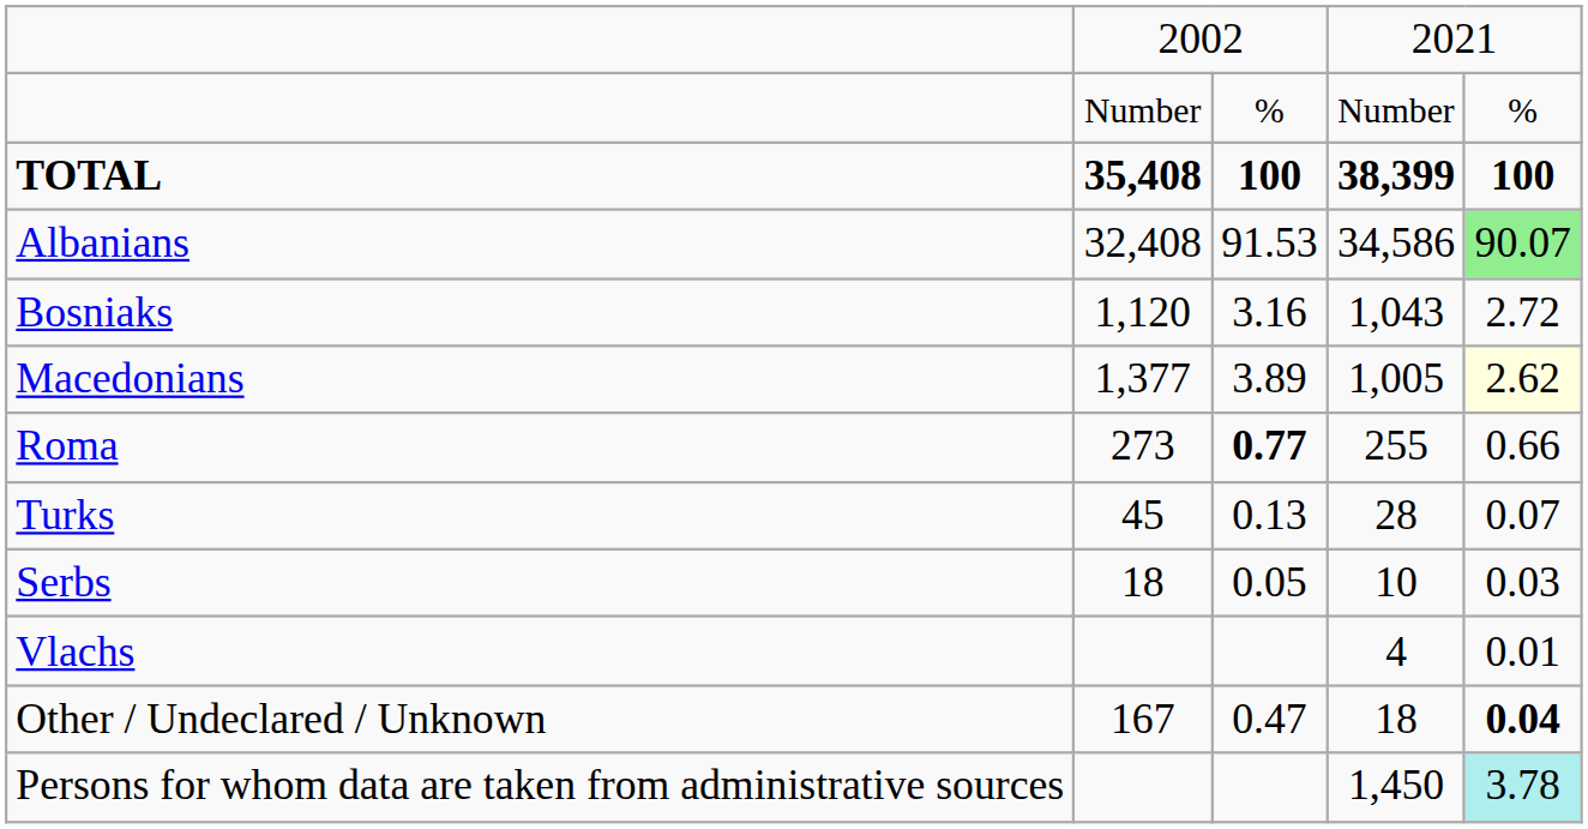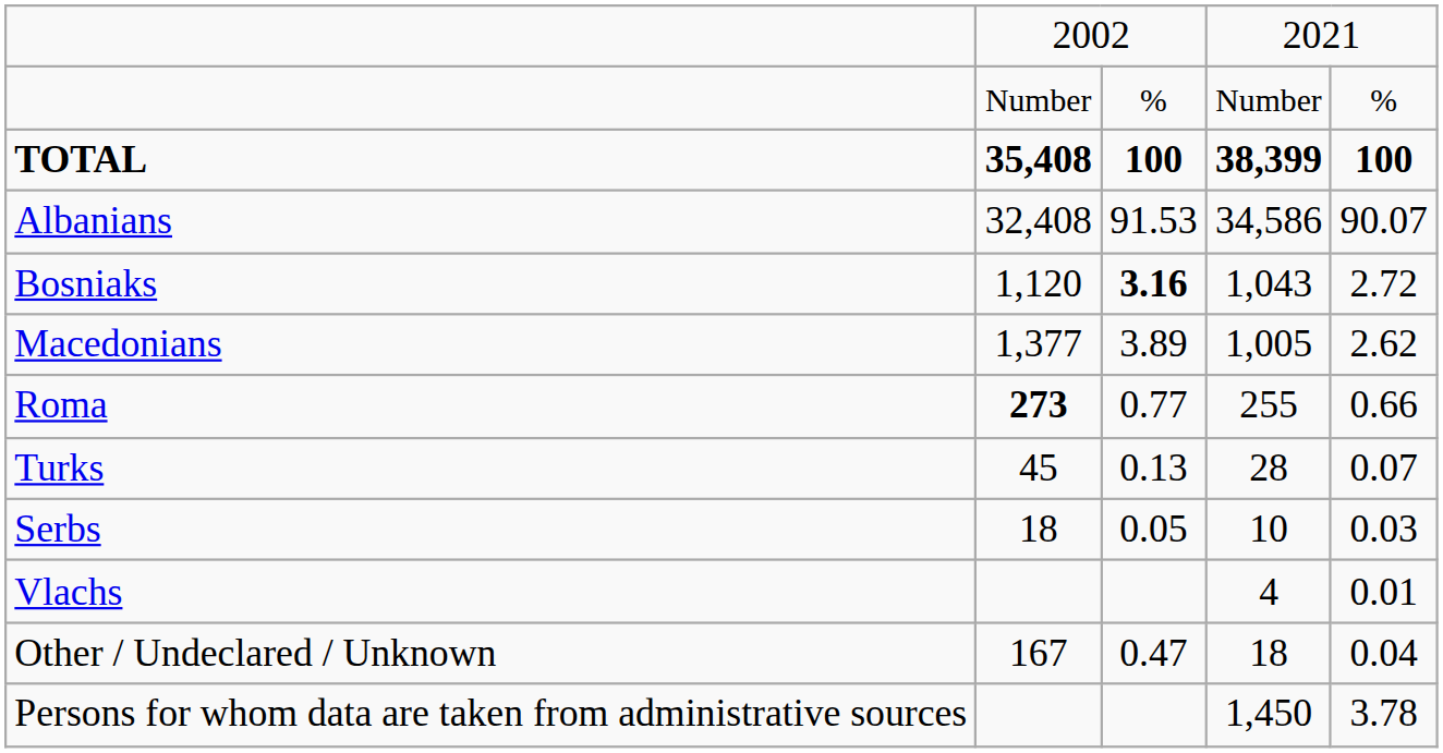 <table class="wikitable">
 <tr>
 <td></td>
 <td colspan="2" align="center">2002</td>
 <td colspan="2" align="center">2021</td>
 </tr>
 <tr>
 <td></td>
 <td align="center"><small>Number</small></td>
 <td align="center"><small>%</small></td>
 <td align="center"><small>Number</small></td>
 <td align="center"><small>%</small></td>
 </tr>
 <tr>
 <td><strong>TOTAL</strong></td>
 <td align="center"><strong>35,408</strong></td>
 <td align="center"><strong>100</strong></td>
 <td align="center"><strong>38,399</strong></td>
 <td align="center"><strong>100</strong></td>
 </tr>
 <tr>
 <td><a href='#'>Albanians</a></td>
 <td align="center">32,408</td>
 <td align="center">91.53</td>
 <td align="center">34,586</td>
-<td align="center" style="background: lightgreen;">90.07</td>
+<td align="center">90.07</td>
 </tr>
 <tr>
 <td><a href='#'>Bosniaks</a></td>
 <td align="center">1,120</td>
-<td align="center">3.16</td>
+<td align="center"><strong>3.16</strong></td>
 <td align="center">1,043</td>
 <td align="center">2.72</td>
 </tr>
 <tr>
 <td><a href='#'>Macedonians</a></td>
 <td align="center">1,377</td>
 <td align="center">3.89</td>
 <td align="center">1,005</td>
-<td align="center" style="background: lightyellow;">2.62</td>
+<td align="center">2.62</td>
 </tr>
 <tr>
 <td><a href='#'>Roma</a></td>
-<td align="center">273</td>
-<td align="center"><strong>0.77</strong></td>
+<td align="center"><strong>273</strong></td>
+<td align="center">0.77</td>
 <td align="center">255</td>
 <td align="center">0.66</td>
 </tr>
 <tr>
 <td><a href='#'>Turks</a></td>
 <td align="center">45</td>
 <td align="center">0.13</td>
 <td align="center">28</td>
 <td align="center">0.07</td>
 </tr>
 <tr>
 <td><a href='#'>Serbs</a></td>
 <td align="center">18</td>
 <td align="center">0.05</td>
 <td align="center">10</td>
 <td align="center">0.03</td>
 </tr>
 <tr>
 <td><a href='#'>Vlachs</a></td>
 <td align="center"></td>
 <td align="center"></td>
 <td align="center">4</td>
 <td align="center">0.01</td>
 </tr>
 <tr>
 <td>Other / Undeclared / Unknown</td>
 <td align="center">167</td>
 <td align="center">0.47</td>
 <td align="center">18</td>
-<td align="center"><strong>0.04</strong></td>
+<td align="center">0.04</td>
 </tr>
 <tr>
 <td>Persons for whom data are taken from administrative sources</td>
 <td align="center"></td>
 <td align="center"></td>
 <td align="center">1,450</td>
-<td align="center" style="background: paleturquoise;">3.78</td>
+<td align="center">3.78</td>
 </tr>
 </table>
